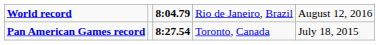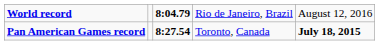 <table class="wikitable">
 <tr>
 <td><strong><a href='#'>World record</a></strong></td>
 <td></td>
 <td><strong>8:04.79</strong></td>
 <td><a href='#'>Rio de Janeiro</a>, <a href='#'>Brazil</a></td>
 <td>August 12, 2016</td>
 </tr>
 <tr>
 <td><strong><a href='#'>Pan American Games record</a></strong></td>
 <td></td>
 <td><strong>8:27.54</strong></td>
 <td><a href='#'>Toronto</a>, <a href='#'>Canada</a></td>
-<td>July 18, 2015</td>
+<td><strong>July 18, 2015</strong></td>
 </tr>
 </table>
